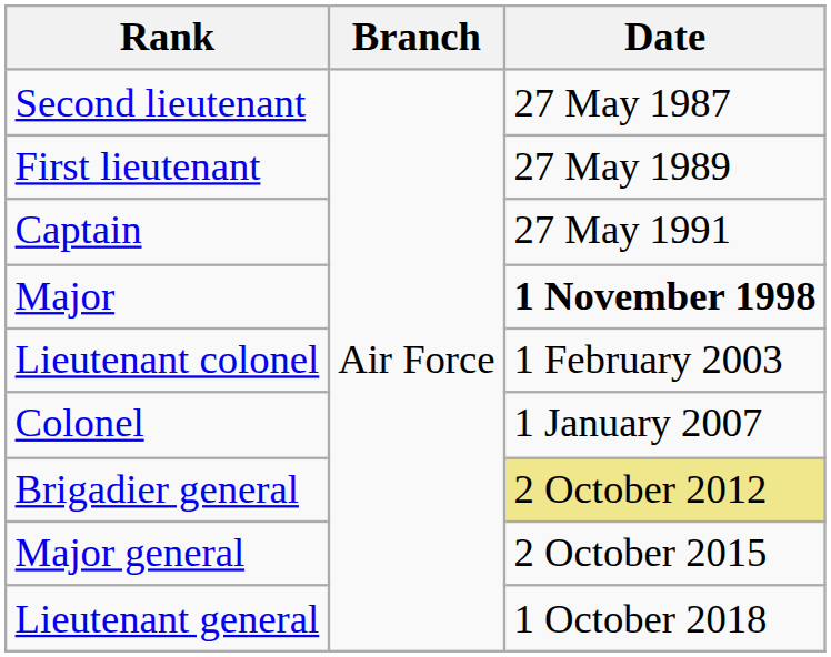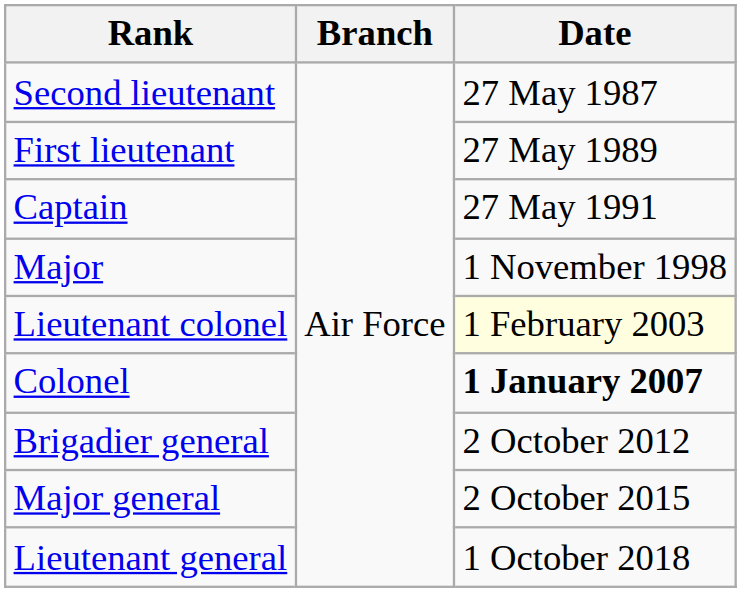 <table class="wikitable">
 <tr>
 <th>Rank</th>
 <th>Branch</th>
 <th>Date</th>
 </tr>
 <tr>
 <td> <a href='#'>Second lieutenant</a></td>
 <td rowspan=9>Air Force</td>
 <td>27 May 1987</td>
 </tr>
 <tr>
 <td> <a href='#'>First lieutenant</a></td>
 <td>27 May 1989</td>
 </tr>
 <tr>
 <td> <a href='#'>Captain</a></td>
 <td>27 May 1991</td>
 </tr>
 <tr>
 <td> <a href='#'>Major</a></td>
-<td><strong>1 November 1998</strong></td>
+<td>1 November 1998</td>
 </tr>
 <tr>
 <td> <a href='#'>Lieutenant colonel</a></td>
-<td>1 February 2003</td>
+<td style="background: lightyellow;">1 February 2003</td>
 </tr>
 <tr>
 <td> <a href='#'>Colonel</a></td>
-<td>1 January 2007</td>
+<td><strong>1 January 2007</strong></td>
 </tr>
 <tr>
 <td> <a href='#'>Brigadier general</a></td>
-<td style="background: khaki;">2 October 2012</td>
+<td>2 October 2012</td>
 </tr>
 <tr>
 <td> <a href='#'>Major general</a></td>
 <td>2 October 2015</td>
 </tr>
 <tr>
 <td> <a href='#'>Lieutenant general</a></td>
 <td>1 October 2018</td>
 </tr>
 </table>
